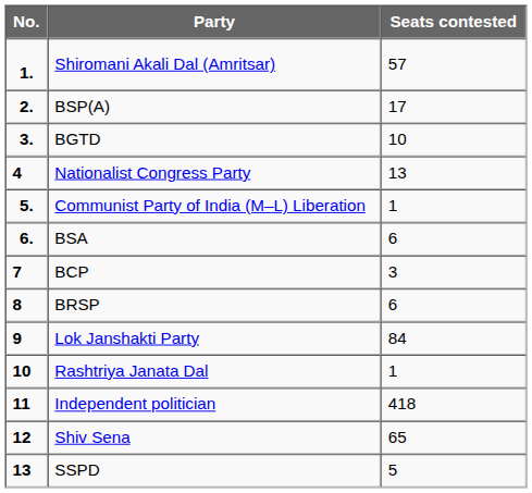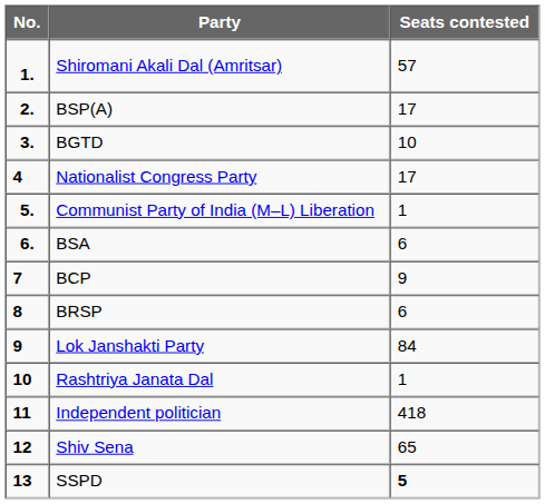 <table class="sortable" width="40%" border="2" cellpadding="6" cellspacing="0" style="margin: 1em 1em 1em 0; background: #f9f9f9; border: 1px #aaa solid">
 <tr>
 <th style="background-color:#666666; color:white">No.</th>
 <th style="background-color:#666666; color:white">Party</th>
 <th style="background-color:#666666; color:white">Seats contested</th>
 </tr>
 <tr>
 <td style="text-align:center; background:"><br><strong>1.</strong></td>
 <td><a href='#'>Shiromani Akali Dal (Amritsar)</a></td>
 <td>57</td>
 </tr>
 <tr>
 <td style="text-align:center; background:"><strong>2.</strong></td>
 <td>BSP(A)</td>
 <td>17</td>
 </tr>
 <tr>
 <td style="text-align:center; background:"><strong>3.</strong></td>
 <td>BGTD</td>
 <td>10</td>
 </tr>
 <tr>
 <td style="background-color: "><strong>4</strong></td>
 <td><a href='#'>Nationalist Congress Party</a></td>
-<td>13</td>
+<td>17</td>
 </tr>
 <tr>
 <td style="text-align:center; background:"><strong>5.</strong></td>
 <td><a href='#'>Communist Party of India (M–L) Liberation</a></td>
 <td>1</td>
 </tr>
 <tr>
 <td style="text-align:center; background:"><strong>6.</strong></td>
 <td>BSA</td>
 <td>6</td>
 </tr>
 <tr>
 <td style="background-color: "><strong>7</strong></td>
 <td>BCP</td>
-<td>3</td>
+<td>9</td>
 </tr>
 <tr>
 <td style="background-color: "><strong>8</strong></td>
 <td>BRSP</td>
 <td>6</td>
 </tr>
 <tr>
 <td style="background-color: "><strong>9</strong></td>
 <td><a href='#'>Lok Janshakti Party</a></td>
 <td>84</td>
 </tr>
 <tr>
 <td style="background-color: "><strong>10</strong></td>
 <td><a href='#'>Rashtriya Janata Dal</a></td>
 <td>1</td>
 </tr>
 <tr>
 <td><strong>11</strong></td>
 <td><a href='#'>Independent politician</a></td>
 <td>418</td>
 </tr>
 <tr>
 <td style="background-color: "><strong>12</strong></td>
 <td><a href='#'>Shiv Sena</a></td>
 <td>65</td>
 </tr>
 <tr>
 <td style="background-color: "><strong>13</strong></td>
 <td>SSPD</td>
-<td>5</td>
+<td><strong>5</strong></td>
 </tr>
 </table>
